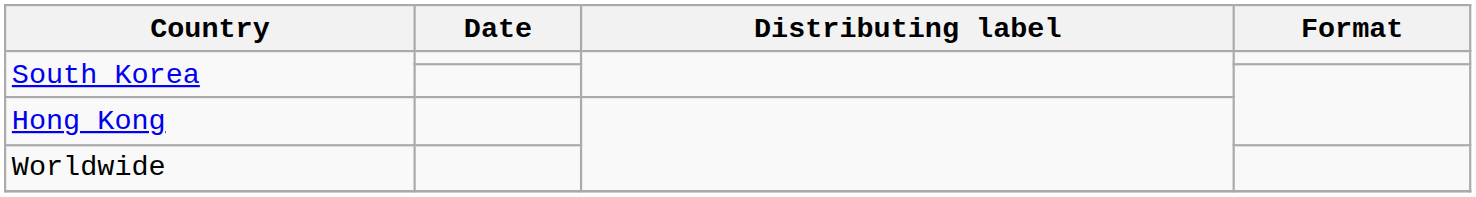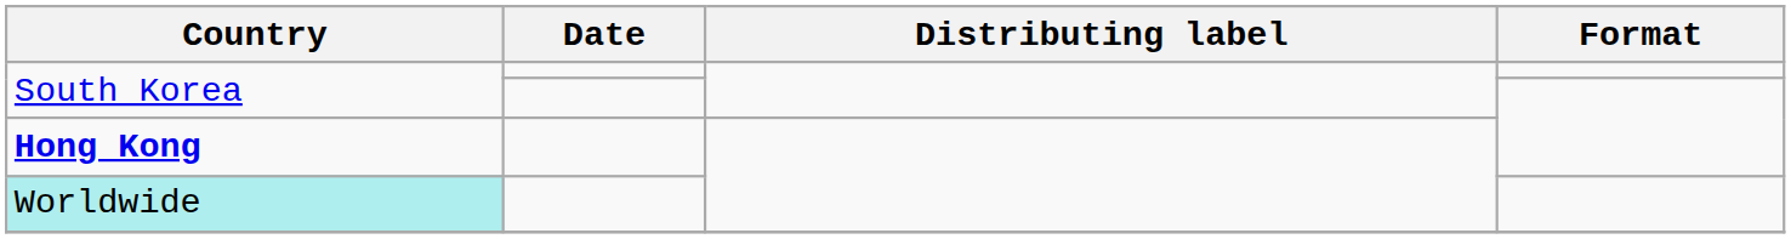 <table class="wikitable" style="width:670px;">
 <tr>
 <th>Country</th>
 <th>Date</th>
 <th>Distributing label</th>
 <th>Format</th>
 </tr>
 <tr>
 <td rowspan="2"><a href='#'>South Korea</a></td>
 <td></td>
 <td rowspan="2"></td>
 <td></td>
 </tr>
 <tr>
 <td></td>
 <td rowspan="2"></td>
 </tr>
 <tr>
-<td><a href='#'>Hong Kong</a></td>
+<td><strong><a href='#'>Hong Kong</a></strong></td>
 <td></td>
 <td rowspan="2"></td>
 </tr>
 <tr>
-<td>Worldwide</td>
+<td style="background: paleturquoise;">Worldwide</td>
 <td></td>
 <td></td>
 </tr>
 <tr>
 </tr>
 </table>
